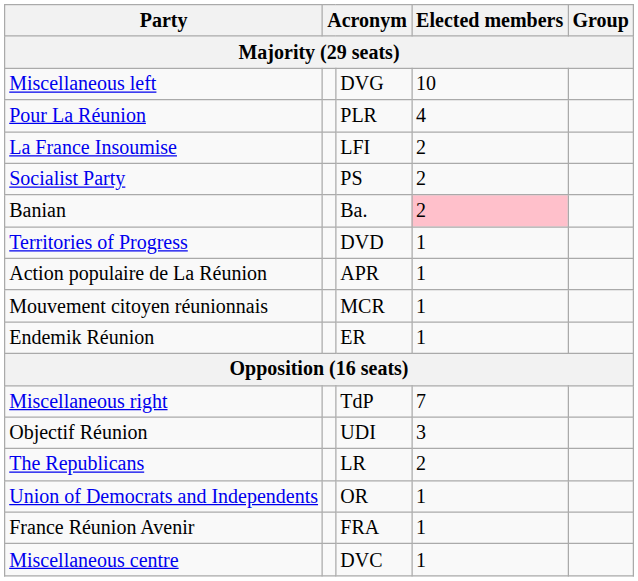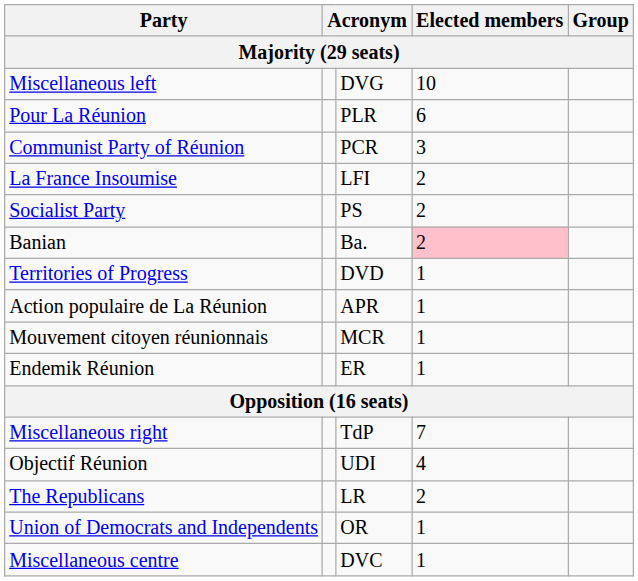 <table class="wikitable">
 <tr>
 <th>Party</th>
 <th colspan="2">Acronym</th>
 <th>Elected members</th>
 <th>Group</th>
 </tr>
 <tr>
 <th colspan="5"><strong>Majority (29 seats)</strong></th>
 </tr>
 <tr>
 <td><a href='#'>Miscellaneous left</a></td>
 <td style="background:"></td>
 <td>DVG</td>
 <td>10</td>
 <td></td>
 </tr>
 <tr>
 <td><a href='#'>Pour La Réunion</a></td>
 <td style="background:"></td>
 <td>PLR</td>
-<td>4</td>
+<td>6</td>
+<td></td>
+</tr>
+<tr>
+<td><a href='#'>Communist Party of Réunion</a></td>
+<td style="background:"></td>
+<td>PCR</td>
+<td>3</td>
 <td></td>
 </tr>
 <tr>
 <td><a href='#'>La France Insoumise</a></td>
 <td style="background:"></td>
 <td>LFI</td>
 <td>2</td>
 <td></td>
 </tr>
 <tr>
 <td><a href='#'>Socialist Party</a></td>
 <td style="background:"></td>
 <td>PS</td>
 <td>2</td>
 <td></td>
 </tr>
 <tr>
 <td>Banian</td>
 <td style="background:"></td>
 <td>Ba.</td>
 <td style="background: pink;">2</td>
 <td></td>
 </tr>
 <tr>
 <td><a href='#'>Territories of Progress</a></td>
 <td style="background:"></td>
 <td>DVD</td>
 <td>1</td>
 <td></td>
 </tr>
 <tr>
 <td>Action populaire de La Réunion</td>
 <td style="background:"></td>
 <td>APR</td>
 <td>1</td>
 <td></td>
 </tr>
 <tr>
 <td>Mouvement citoyen réunionnais</td>
 <td style="background:"></td>
 <td>MCR</td>
 <td>1</td>
 <td></td>
 </tr>
 <tr>
 <td>Endemik Réunion</td>
 <td style="background:"></td>
 <td>ER</td>
 <td>1</td>
 <td></td>
 </tr>
 <tr>
 <th colspan="5"><strong>Opposition</strong> (16 seats)</th>
 </tr>
 <tr>
 <td><a href='#'>Miscellaneous right</a></td>
 <td style="background:"></td>
 <td>TdP</td>
 <td>7</td>
 <td></td>
 </tr>
 <tr>
 <td>Objectif Réunion</td>
 <td style="background:"></td>
 <td>UDI</td>
-<td>3</td>
+<td>4</td>
 <td></td>
 </tr>
 <tr>
 <td><a href='#'>The Republicans</a></td>
 <td style="background:"></td>
 <td>LR</td>
 <td>2</td>
 <td></td>
 </tr>
 <tr>
 <td><a href='#'>Union of Democrats and Independents</a></td>
 <td style="background:"></td>
 <td>OR</td>
 <td>1</td>
 <td></td>
 </tr>
 <tr>
-<td>France Réunion Avenir</td>
-<td style="background:"></td>
-<td>FRA</td>
-<td>1</td>
-<td></td>
-</tr>
-<tr>
 <td><a href='#'>Miscellaneous centre</a></td>
 <td style="background:"></td>
 <td>DVC</td>
 <td>1</td>
 <td></td>
 </tr>
 </table>
